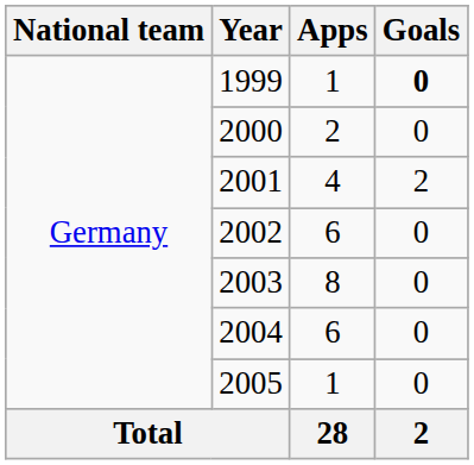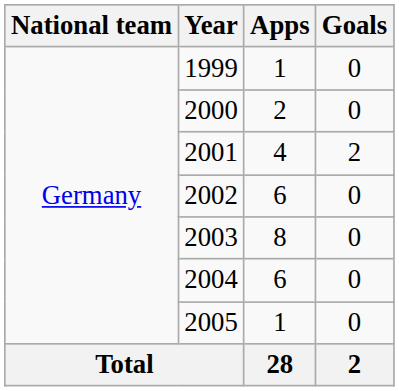 <table class="wikitable" style="text-align:center">
 <tr>
 <th>National team</th>
 <th>Year</th>
 <th>Apps</th>
 <th>Goals</th>
 </tr>
 <tr>
 <td rowspan="7"><a href='#'>Germany</a></td>
 <td>1999</td>
 <td>1</td>
-<td><strong>0</strong></td>
+<td>0</td>
 </tr>
 <tr>
 <td>2000</td>
 <td>2</td>
 <td>0</td>
 </tr>
 <tr>
 <td>2001</td>
 <td>4</td>
 <td>2</td>
 </tr>
 <tr>
 <td>2002</td>
 <td>6</td>
 <td>0</td>
 </tr>
 <tr>
 <td>2003</td>
 <td>8</td>
 <td>0</td>
 </tr>
 <tr>
 <td>2004</td>
 <td>6</td>
 <td>0</td>
 </tr>
 <tr>
 <td>2005</td>
 <td>1</td>
 <td>0</td>
 </tr>
 <tr>
 <th colspan="2">Total</th>
 <th>28</th>
 <th>2</th>
 </tr>
 </table>
